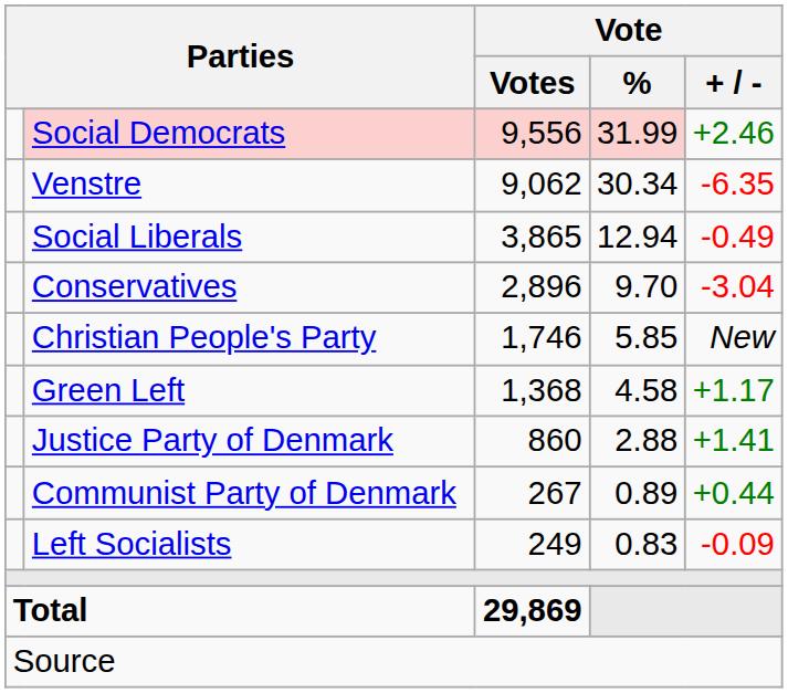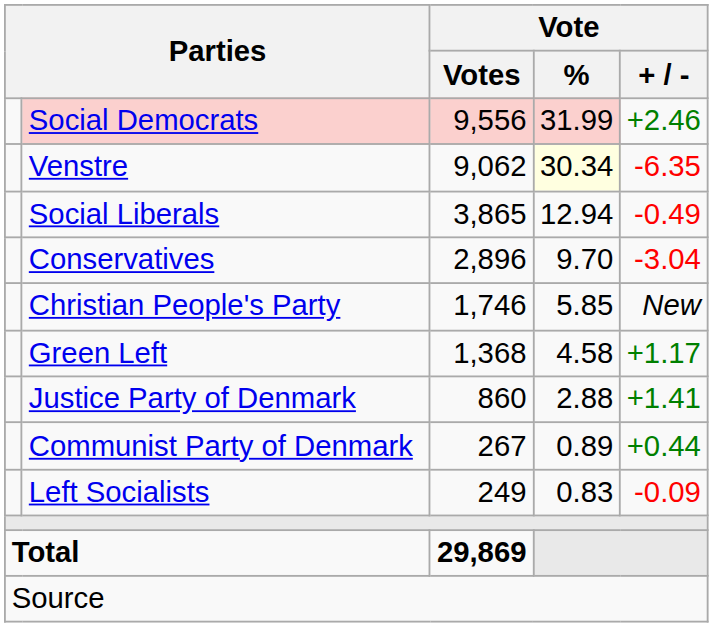 <table class="wikitable" style="text-align:right;">
 <tr>
 <th style="text-align:centre;" rowspan="2" colspan="2" width="225">Parties</th>
 <th colspan="3">Vote</th>
 </tr>
 <tr>
 <th width="15">Votes</th>
 <th width="15">%</th>
 <th width="15">+ / -</th>
 </tr>
 <tr>
 <td width="2" style="color:inherit;background:"></td>
 <td bgcolor=#fbd0ce  align="left"><a href='#'>Social Democrats</a></td>
 <td bgcolor=#fbd0ce>9,556</td>
 <td bgcolor=#fbd0ce>31.99</td>
 <td style=color:green;>+2.46</td>
 </tr>
 <tr>
 <td width="2" style="color:inherit;background:"></td>
 <td align="left"><a href='#'>Venstre</a></td>
 <td>9,062</td>
-<td>30.34</td>
+<td style="background: lightyellow;">30.34</td>
 <td style=color:red;>-6.35</td>
 </tr>
 <tr>
 <td width="2" style="color:inherit;background:"></td>
 <td align="left"><a href='#'>Social Liberals</a></td>
 <td>3,865</td>
 <td>12.94</td>
 <td style=color:red;>-0.49</td>
 </tr>
 <tr>
 <td width="2" style="color:inherit;background:"></td>
 <td align="left"><a href='#'>Conservatives</a></td>
 <td>2,896</td>
 <td>9.70</td>
 <td style=color:red;>-3.04</td>
 </tr>
 <tr>
 <td width="2" style="color:inherit;background:"></td>
 <td align="left"><a href='#'>Christian People's Party</a></td>
 <td>1,746</td>
 <td>5.85</td>
 <td><em>New</em></td>
 </tr>
 <tr>
 <td width="2" style="color:inherit;background:"></td>
 <td align="left"><a href='#'>Green Left</a></td>
 <td>1,368</td>
 <td>4.58</td>
 <td style=color:green;>+1.17</td>
 </tr>
 <tr>
 <td width="2" style="color:inherit;background:"></td>
 <td align="left"><a href='#'>Justice Party of Denmark</a></td>
 <td>860</td>
 <td>2.88</td>
 <td style=color:green;>+1.41</td>
 </tr>
 <tr>
 <td width="2" style="color:inherit;background:"></td>
 <td align="left"><a href='#'>Communist Party of Denmark</a></td>
 <td>267</td>
 <td>0.89</td>
 <td style=color:green;>+0.44</td>
 </tr>
 <tr>
 <td width="2" style="color:inherit;background:"></td>
 <td align="left"><a href='#'>Left Socialists</a></td>
 <td>249</td>
 <td>0.83</td>
 <td style=color:red;>-0.09</td>
 </tr>
 <tr>
 <td colspan="7" bgcolor="#E9E9E9"></td>
 </tr>
 <tr>
 <td align="left" colspan="2"><strong>Total</strong></td>
 <td><strong>29,869</strong></td>
 <td bgcolor="#E9E9E9" colspan="2"></td>
 </tr>
 <tr>
 <td align="left" colspan="6">Source</td>
 </tr>
 </table>
